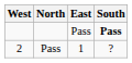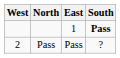 <table class=wikitable style="float:left; margin-top:5px; margin-right:10px;">
 <tr>
 <th>West</th>
 <th>North</th>
 <th>East</th>
 <th>South</th>
 </tr>
 <tr align=center>
 <td></td>
 <td></td>
-<td>Pass</td>
+<td>1</td>
 <td><strong>Pass</strong></td>
 </tr>
 <tr align=center>
 <td>2</td>
 <td>Pass</td>
-<td>1</td>
+<td>Pass</td>
 <td>?</td>
 </tr>
 </table>
